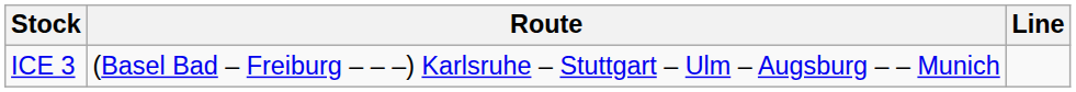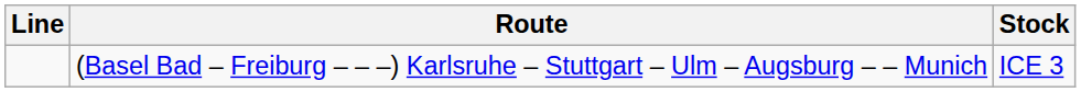 <table class="wikitable">
 <tr>
+<th>Line</th>
+<th>Route</th>
 <th>Stock</th>
-<th>Route</th>
-<th>Line</th>
 </tr>
 <tr>
+<td></td>
+<td>(<a href='#'>Basel Bad</a> – <a href='#'>Freiburg</a> –  –  –) <a href='#'>Karlsruhe</a> – <a href='#'>Stuttgart</a> – <a href='#'>Ulm</a> – <a href='#'>Augsburg</a> –  – <a href='#'>Munich</a></td>
 <td><a href='#'>ICE 3</a></td>
-<td>(<a href='#'>Basel Bad</a> – <a href='#'>Freiburg</a> –  –  –) <a href='#'>Karlsruhe</a> – <a href='#'>Stuttgart</a> – <a href='#'>Ulm</a> – <a href='#'>Augsburg</a> –  – <a href='#'>Munich</a></td>
-<td></td>
 </tr>
 </table>
